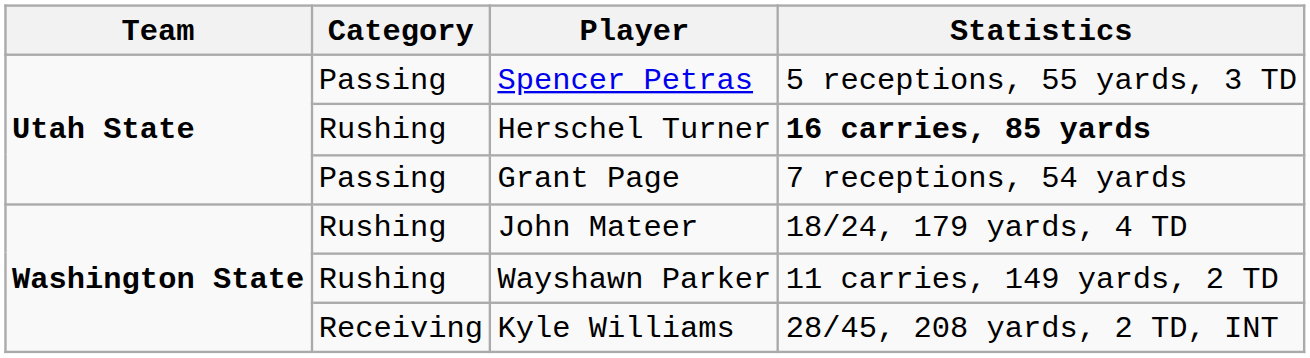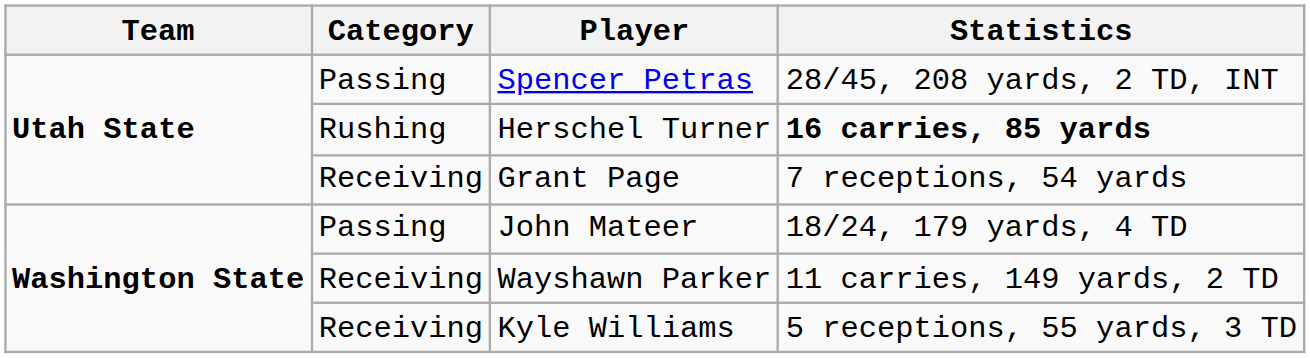 <table class="wikitable" style="float: right;">
 <tr>
 <th>Team</th>
 <th>Category</th>
 <th>Player</th>
 <th>Statistics</th>
 </tr>
 <tr>
 <td rowspan=3><strong>Utah State</strong></td>
 <td>Passing</td>
 <td><a href='#'>Spencer Petras</a></td>
-<td>5 receptions, 55 yards, 3 TD</td>
+<td>28/45, 208 yards, 2 TD, INT</td>
 </tr>
 <tr>
 <td>Rushing</td>
 <td>Herschel Turner</td>
 <td><strong>16 carries, 85 yards</strong></td>
 </tr>
 <tr>
-<td>Passing</td>
+<td>Receiving</td>
 <td>Grant Page</td>
 <td>7 receptions, 54 yards</td>
 </tr>
 <tr>
 <td rowspan=3><strong>Washington State</strong></td>
-<td>Rushing</td>
+<td>Passing</td>
 <td>John Mateer</td>
 <td>18/24, 179 yards, 4 TD</td>
 </tr>
 <tr>
-<td>Rushing</td>
+<td>Receiving</td>
 <td>Wayshawn Parker</td>
 <td>11 carries, 149 yards, 2 TD</td>
 </tr>
 <tr>
 <td>Receiving</td>
 <td>Kyle Williams</td>
-<td>28/45, 208 yards, 2 TD, INT</td>
+<td>5 receptions, 55 yards, 3 TD</td>
 </tr>
 </table>
